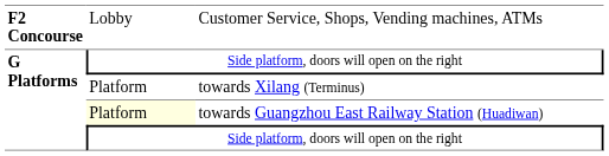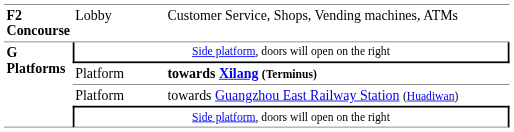 <table table border=0 cellspacing=0 cellpadding=3>
 <tr>
 <td style="border-bottom:solid 1px gray; border-top:solid 1px gray;" valign=top width=50><strong>F2<br>Concourse</strong></td>
 <td style="border-bottom:solid 1px gray; border-top:solid 1px gray;" valign=top width=100>Lobby</td>
 <td style="border-bottom:solid 1px gray; border-top:solid 1px gray;" valign=top width=390>Customer Service, Shops, Vending machines, ATMs</td>
 </tr>
 <tr>
 <td style="border-bottom:solid 1px gray;" rowspan=4 valign=top><strong>G<br>Platforms</strong></td>
 <td style="border-right:solid 2px black;border-left:solid 2px black;border-bottom:solid 2px black;font-size:smaller;text-align:center;" colspan=2><a href='#'>Side platform</a>, doors will open on the right</td>
 </tr>
 <tr>
 <td style="border-bottom:solid 1px gray;" width=100>Platform </td>
-<td style="border-bottom:solid 1px gray;" width=285>  towards <a href='#'>Xilang</a> <small>(Terminus)</small></td>
+<td style="border-bottom:solid 1px gray;" width=285><strong>  towards <a href='#'>Xilang</a> <small>(Terminus)</small></strong></td>
 </tr>
 <tr>
-<td style="background: lightyellow;">Platform </td>
+<td>Platform </td>
 <td><span></span>  towards <a href='#'>Guangzhou East Railway Station</a> <small>(<a href='#'>Huadiwan</a>)</small> </td>
 </tr>
 <tr>
 <td style="border-top:solid 2px black;border-right:solid 2px black;border-left:solid 2px black;border-bottom:solid 1px gray;font-size:smaller;text-align:center;" colspan=2><a href='#'>Side platform</a>, doors will open on the right</td>
 </tr>
 </table>
